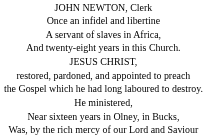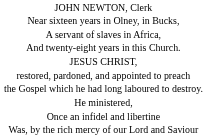 <table style="margin:0.2em auto; text-align:center">
 <tr>
 <td>JOHN NEWTON, Clerk</td>
 </tr>
 <tr>
-<td>Once an infidel and libertine</td>
+<td>Near sixteen years in Olney, in Bucks,</td>
 </tr>
 <tr>
 <td>A servant of slaves in Africa,</td>
 </tr>
 <tr>
 <td>And twenty-eight years in this Church.</td>
 </tr>
 <tr>
 <td>JESUS CHRIST,</td>
 </tr>
 <tr>
 <td>restored, pardoned, and appointed to preach</td>
 </tr>
 <tr>
 <td>the Gospel which he had long laboured to destroy.</td>
 </tr>
 <tr>
 <td>He ministered,</td>
 </tr>
 <tr>
-<td>Near sixteen years in Olney, in Bucks,</td>
+<td>Once an infidel and libertine</td>
 </tr>
 <tr>
 <td>Was, by the rich mercy of our Lord and Saviour</td>
 </tr>
 </table>
